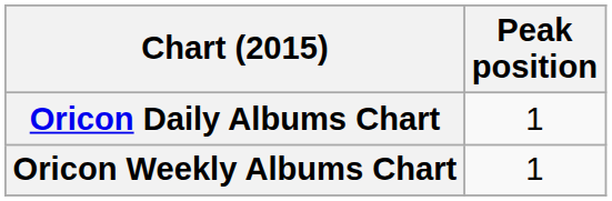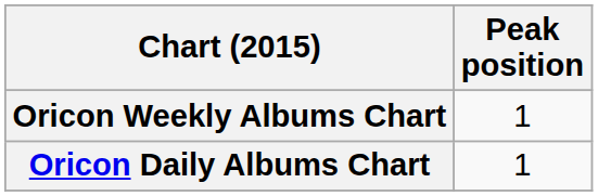 <table class="wikitable plainrowheaders sortable" style="text-align:center">
 <tr>
 <th scope="col">Chart (2015)</th>
 <th scope="col">Peak<br>position</th>
 </tr>
 <tr>
+<th scope="row">Oricon Weekly Albums Chart</th>
+<td>1</td>
+</tr>
+<tr>
 <th scope="row"><a href='#'>Oricon</a> Daily Albums Chart</th>
 <td>1</td>
 </tr>
-<tr>
-<th scope="row">Oricon Weekly Albums Chart</th>
-<td>1</td>
-</tr>
 </table>
